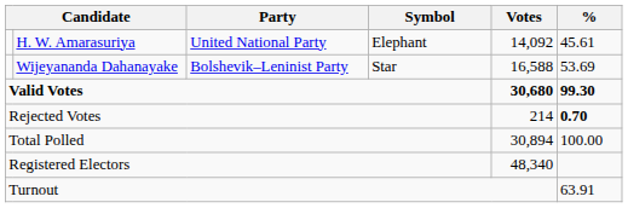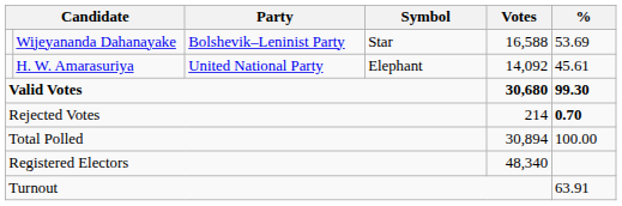 <table class="wikitable" border="1" style="text-align:right;">
 <tr>
 <th align=left colspan=2 width="180">Candidate</th>
 <th align=left width="180">Party</th>
 <th align=left width="120">Symbol</th>
 <th align=left width="60">Votes</th>
 <th align=left width="60">%</th>
 </tr>
 <tr>
 <td style="background-color: "></td>
+<td align=left><a href='#'>Wijeyananda Dahanayake</a></td>
+<td align=left><a href='#'>Bolshevik–Leninist Party</a></td>
+<td align=left>Star</td>
+<td align=right>16,588</td>
+<td align=left>53.69</td>
+</tr>
+<tr>
+<td style="background-color: "></td>
 <td align=left><a href='#'>H. W. Amarasuriya</a></td>
 <td align=left><a href='#'>United National Party</a></td>
 <td align=left>Elephant</td>
 <td align=right>14,092</td>
 <td align=left>45.61</td>
-</tr>
-<tr>
-<td style="background-color: "></td>
-<td align=left><a href='#'>Wijeyananda Dahanayake</a></td>
-<td align=left><a href='#'>Bolshevik–Leninist Party</a></td>
-<td align=left>Star</td>
-<td align=right>16,588</td>
-<td align=left>53.69</td>
 </tr>
 <tr>
 <td align=left colspan=4><strong>Valid Votes</strong></td>
 <td align=right><strong>30,680</strong></td>
 <td align=left><strong>99.30</strong></td>
 </tr>
 <tr>
 <td align=left colspan=4>Rejected Votes</td>
 <td align=right>214</td>
 <td align=left><strong>0.70</strong></td>
 </tr>
 <tr>
 <td align=left colspan=4>Total Polled</td>
 <td align=right>30,894</td>
 <td align=left>100.00</td>
 </tr>
 <tr>
 <td align=left colspan=4>Registered Electors</td>
 <td align=right>48,340</td>
 <td></td>
 </tr>
 <tr>
 <td align=left colspan=5>Turnout</td>
 <td align=left>63.91</td>
 </tr>
 </table>
